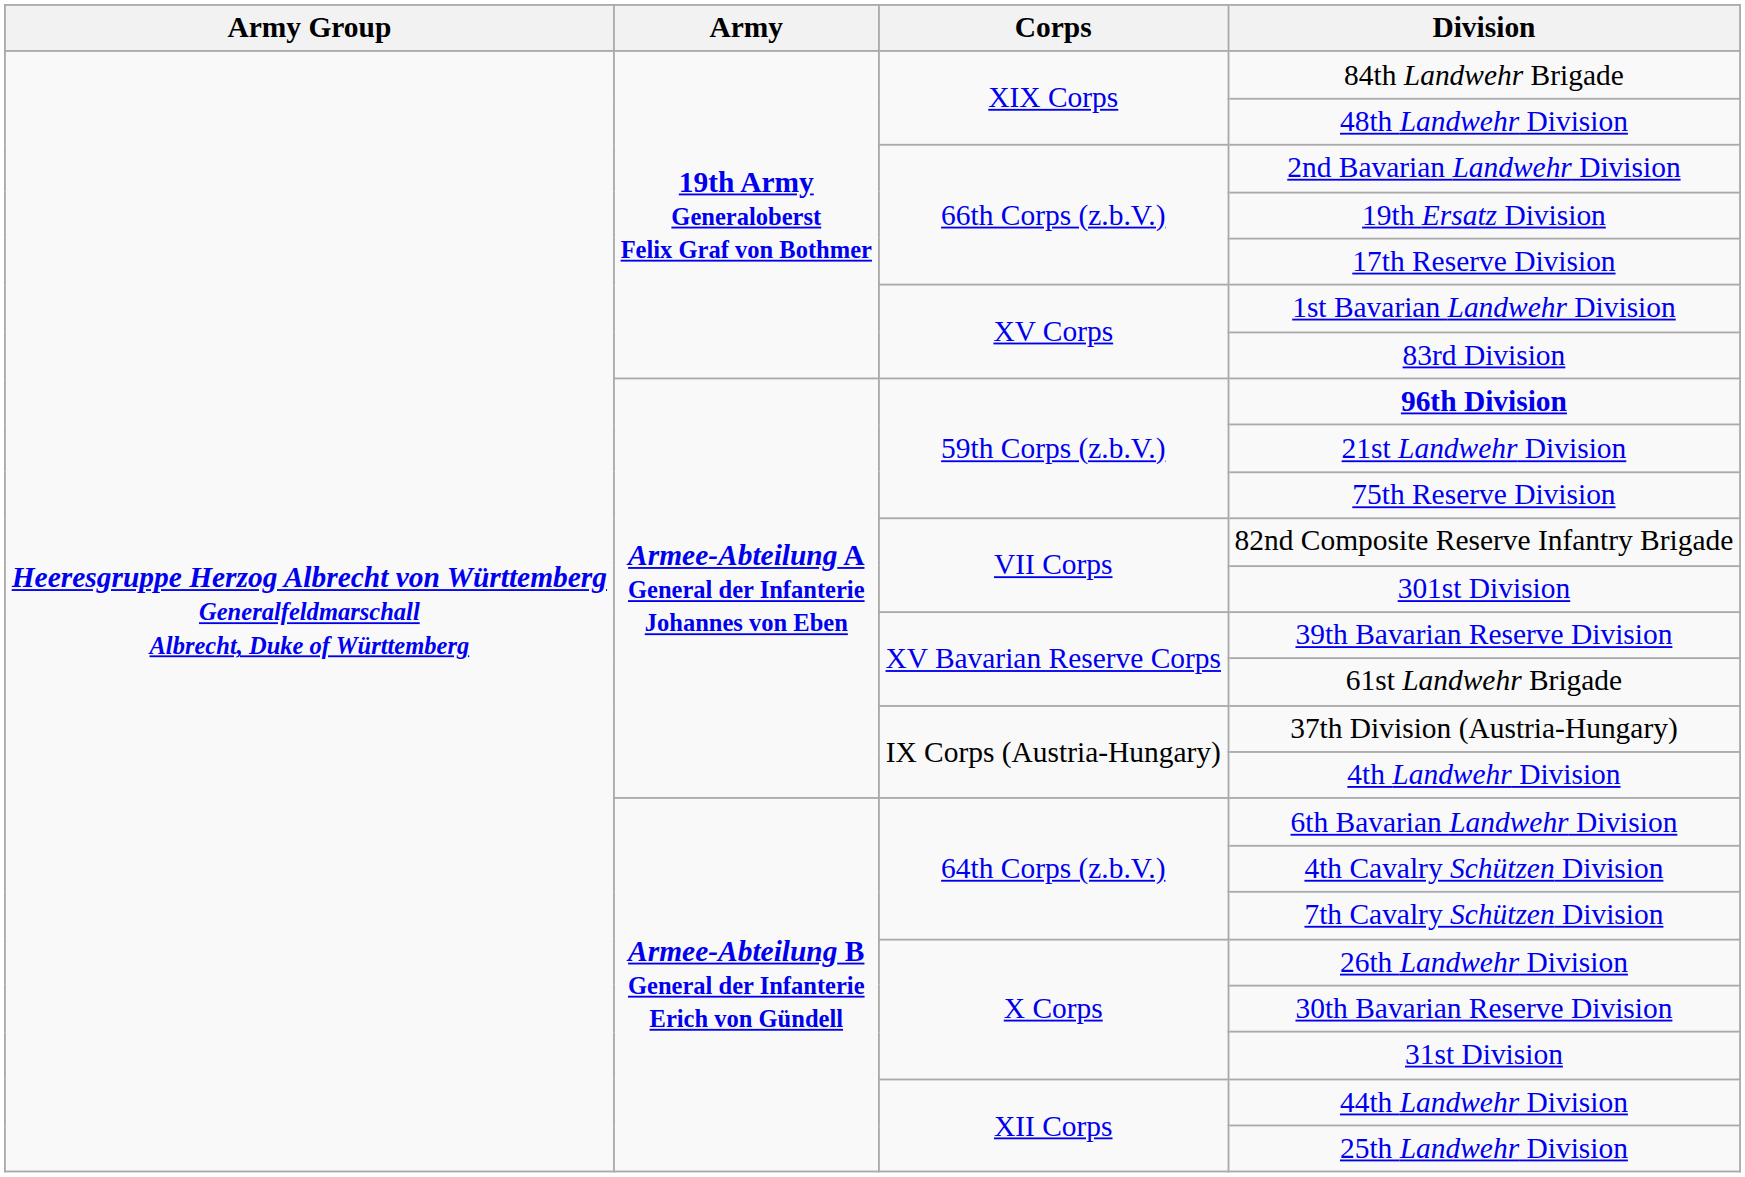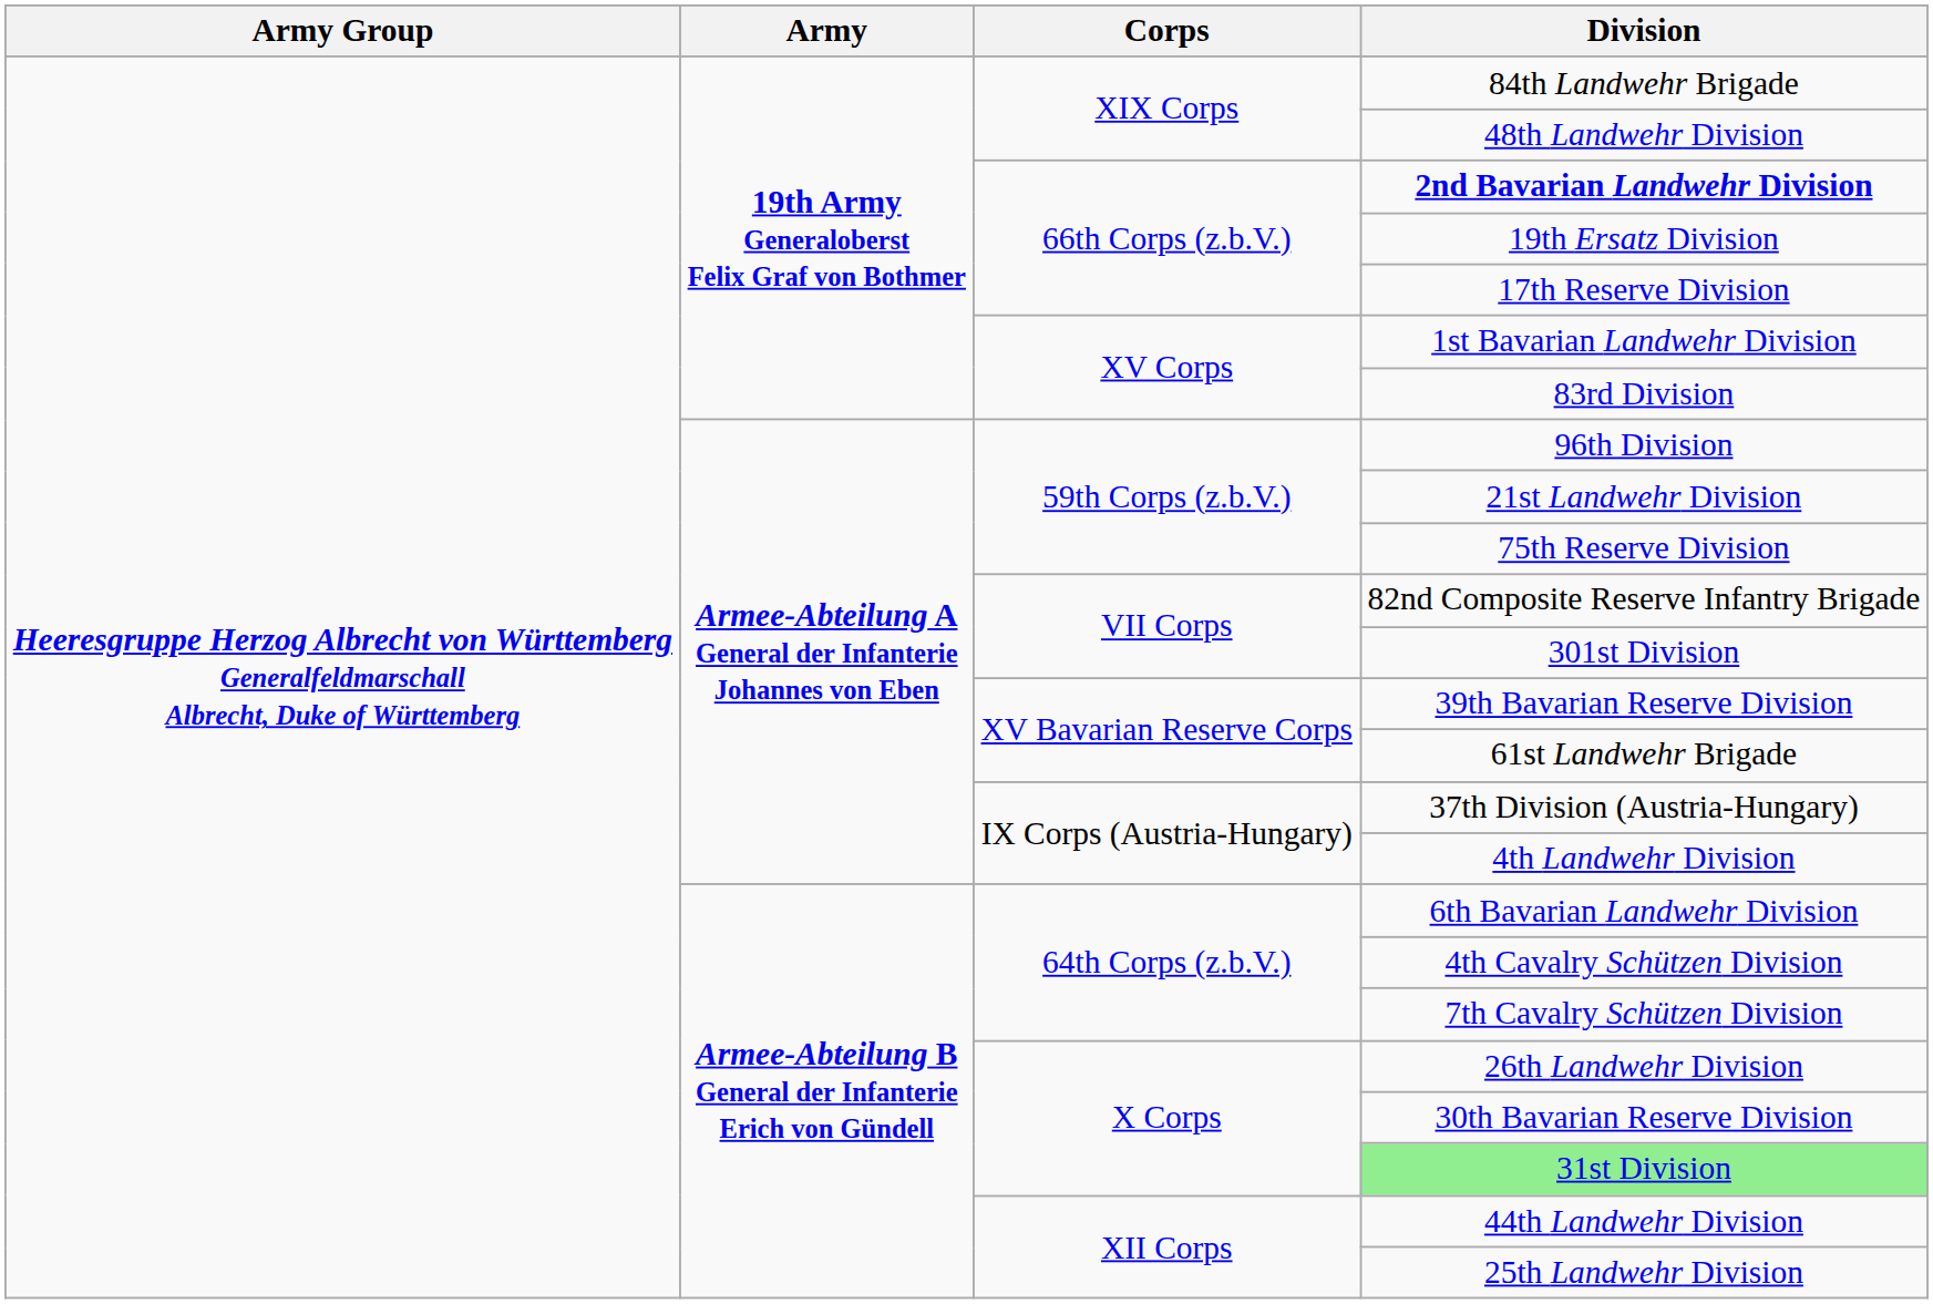 <table class="wikitable" style="text-align:center;">
 <tr>
 <th>Army Group</th>
 <th>Army</th>
 <th>Corps</th>
 <th>Division</th>
 </tr>
 <tr>
 <td ROWSPAN=24><strong><em><a href='#'>Heeresgruppe Herzog Albrecht von Württemberg</a><br><small><a href='#'>Generalfeldmarschall</a><br><a href='#'>Albrecht, Duke of Württemberg</a></small></em></strong></td>
 <td ROWSPAN=7><strong><a href='#'>19th Army</a><br><small><a href='#'>Generaloberst</a><br><a href='#'>Felix Graf von Bothmer</a></small></strong></td>
 <td ROWSPAN=2><a href='#'>XIX Corps</a></td>
 <td>84th <em>Landwehr</em> Brigade</td>
 </tr>
 <tr>
 <td><a href='#'>48th <em>Landwehr</em> Division</a></td>
 </tr>
 <tr>
 <td ROWSPAN=3><a href='#'>66th Corps (z.b.V.)</a></td>
-<td><a href='#'>2nd Bavarian <em>Landwehr</em> Division</a></td>
+<td><strong><a href='#'>2nd Bavarian <em>Landwehr</em> Division</a></strong></td>
 </tr>
 <tr>
 <td><a href='#'>19th <em>Ersatz</em> Division</a></td>
 </tr>
 <tr>
 <td><a href='#'>17th Reserve Division</a></td>
 </tr>
 <tr>
 <td ROWSPAN=2><a href='#'>XV Corps</a></td>
 <td><a href='#'>1st Bavarian <em>Landwehr</em> Division</a></td>
 </tr>
 <tr>
 <td><a href='#'>83rd Division</a></td>
 </tr>
 <tr>
 <td ROWSPAN=9><strong><a href='#'><em>Armee-Abteilung</em> A</a><br><small><a href='#'>General der Infanterie</a><br><a href='#'>Johannes von Eben</a></small></strong></td>
 <td ROWSPAN=3><a href='#'>59th Corps (z.b.V.)</a></td>
-<td><strong><a href='#'>96th Division</a></strong></td>
+<td><a href='#'>96th Division</a></td>
 </tr>
 <tr>
 <td><a href='#'>21st <em>Landwehr</em> Division</a></td>
 </tr>
 <tr>
 <td><a href='#'>75th Reserve Division</a></td>
 </tr>
 <tr>
 <td ROWSPAN=2><a href='#'>VII Corps</a></td>
 <td>82nd Composite Reserve Infantry Brigade</td>
 </tr>
 <tr>
 <td><a href='#'>301st Division</a></td>
 </tr>
 <tr>
 <td ROWSPAN=2><a href='#'>XV Bavarian Reserve Corps</a></td>
 <td><a href='#'>39th Bavarian Reserve Division</a></td>
 </tr>
 <tr>
 <td>61st <em>Landwehr</em> Brigade</td>
 </tr>
 <tr>
 <td ROWSPAN=2>IX Corps (Austria-Hungary)</td>
 <td>37th Division (Austria-Hungary)</td>
 </tr>
 <tr>
 <td><a href='#'>4th <em>Landwehr</em> Division</a></td>
 </tr>
 <tr>
 <td ROWSPAN=8><strong><a href='#'><em>Armee-Abteilung</em> B</a><br><small><a href='#'>General der Infanterie</a><br><a href='#'>Erich von Gündell</a></small></strong></td>
 <td ROWSPAN=3><a href='#'>64th Corps (z.b.V.)</a></td>
 <td><a href='#'>6th Bavarian <em>Landwehr</em> Division</a></td>
 </tr>
 <tr>
 <td><a href='#'>4th Cavalry <em>Schützen</em> Division</a></td>
 </tr>
 <tr>
 <td><a href='#'>7th Cavalry <em>Schützen</em> Division</a></td>
 </tr>
 <tr>
 <td ROWSPAN=3><a href='#'>X Corps</a></td>
 <td><a href='#'>26th <em>Landwehr</em> Division</a></td>
 </tr>
 <tr>
 <td><a href='#'>30th Bavarian Reserve Division</a></td>
 </tr>
 <tr>
-<td><a href='#'>31st Division</a></td>
+<td style="background: lightgreen;"><a href='#'>31st Division</a></td>
 </tr>
 <tr>
 <td ROWSPAN=2><a href='#'>XII Corps</a></td>
 <td><a href='#'>44th <em>Landwehr</em> Division</a></td>
 </tr>
 <tr>
 <td><a href='#'>25th <em>Landwehr</em> Division</a></td>
 </tr>
 </table>
